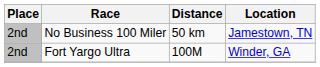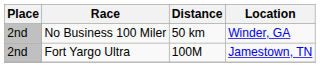 <table class="wikitable">
 <tr>
 <th>Place</th>
 <th>Race</th>
 <th>Distance</th>
 <th>Location</th>
 </tr>
 <tr>
 <td style="background-color:silver;">2nd</td>
 <td>No Business 100 Miler</td>
 <td>50 km</td>
-<td> <a href='#'>Jamestown, TN</a></td>
+<td> <a href='#'>Winder, GA</a></td>
 </tr>
 <tr>
 <td style="background-color:silver;">2nd</td>
 <td>Fort Yargo Ultra</td>
 <td>100M</td>
-<td> <a href='#'>Winder, GA</a></td>
+<td> <a href='#'>Jamestown, TN</a></td>
 </tr>
 <tr>
 </tr>
 </table>
